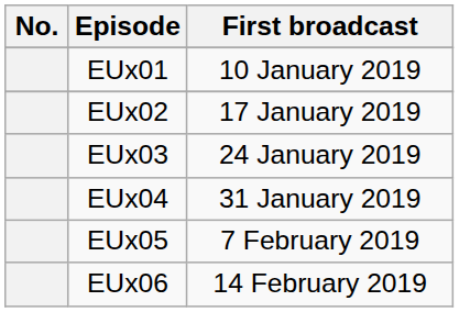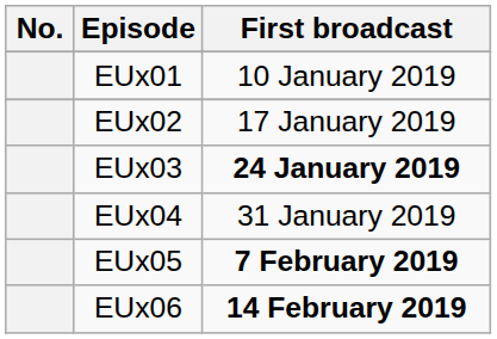 <table class="wikitable plainrowheaders"  style="text-align:center;">
 <tr>
 <th scope"col" style="width:30px;">No.</th>
 <th scope"col" style="width:60px;">Episode</th>
 <th scope"col" style="width:150px;">First broadcast</th>
 </tr>
 <tr>
 </tr>
 <tr style="background:;">
 <th scope="row"></th>
 <td>EUx01</td>
 <td>10 January 2019</td>
 </tr>
 <tr>
 </tr>
 <tr style="background:;">
 <th scope="row"></th>
 <td>EUx02</td>
 <td>17 January 2019</td>
 </tr>
 <tr style="background:;">
 <th scope="row"></th>
 <td>EUx03</td>
-<td>24 January 2019</td>
+<td><strong>24 January 2019</strong></td>
 </tr>
 <tr style="background:;">
 <th scope="row"></th>
 <td>EUx04</td>
 <td>31 January 2019</td>
 </tr>
 <tr style="background:;">
 <th scope="row"></th>
 <td>EUx05</td>
-<td>7 February 2019</td>
+<td><strong>7 February 2019</strong></td>
 </tr>
 <tr style="background:;">
 <th scope="row"></th>
 <td>EUx06</td>
-<td>14 February 2019</td>
+<td><strong>14 February 2019</strong></td>
 </tr>
 </table>
